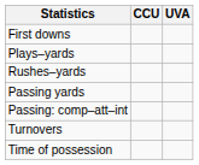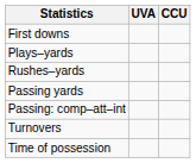 <table class="wikitable" style="float:left">
 <tr>
 <th>Statistics</th>
+<th>UVA</th>
 <th>CCU</th>
-<th>UVA</th>
 </tr>
 <tr>
 <td>First downs</td>
 <td></td>
 <td></td>
 </tr>
 <tr>
 <td>Plays–yards</td>
 <td></td>
 <td></td>
 </tr>
 <tr>
 <td>Rushes–yards</td>
 <td></td>
 <td></td>
 </tr>
 <tr>
 <td>Passing yards</td>
 <td></td>
 <td></td>
 </tr>
 <tr>
 <td>Passing: comp–att–int</td>
 <td></td>
 <td></td>
 </tr>
 <tr>
 <td>Turnovers</td>
 <td></td>
 <td></td>
 </tr>
 <tr>
 <td>Time of possession</td>
 <td></td>
 <td></td>
 </tr>
 </table>
